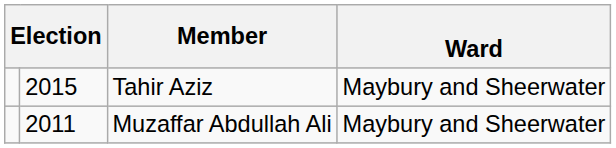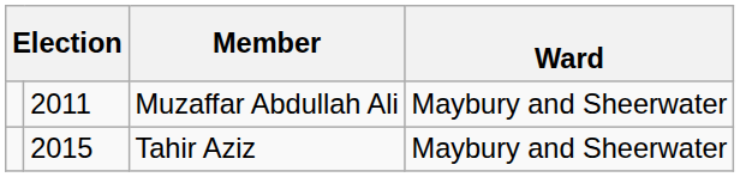 <table class="wikitable">
 <tr>
 <th colspan="2">Election</th>
 <th>Member</th>
 <th><br>Ward</th>
 </tr>
 <tr>
 <td style="background-color: "></td>
+<td>2011</td>
+<td>Muzaffar Abdullah Ali</td>
+<td>Maybury and Sheerwater</td>
+</tr>
+<tr>
+<td style="background-color: "></td>
 <td>2015</td>
 <td>Tahir Aziz</td>
 <td>Maybury and Sheerwater</td>
 </tr>
-<tr>
-<td style="background-color: "></td>
-<td>2011</td>
-<td>Muzaffar Abdullah Ali</td>
-<td>Maybury and Sheerwater</td>
-</tr>
 </table>
